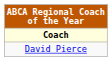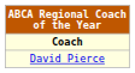 <table class="wikitable" style="text-align:center">
 <tr>
 <td colspan="5" style= "background: #BF5700; color:white"><strong>ABCA Regional Coach of the Year</strong></td>
 </tr>
 <tr>
 <th style="width:150px; background: #ffffdd;">Coach</th>
 </tr>
 <tr>
-<td><a href='#'>David Pierce</a></td>
+<td style="background: lightyellow;"><a href='#'>David Pierce</a></td>
 </tr>
 </table>
